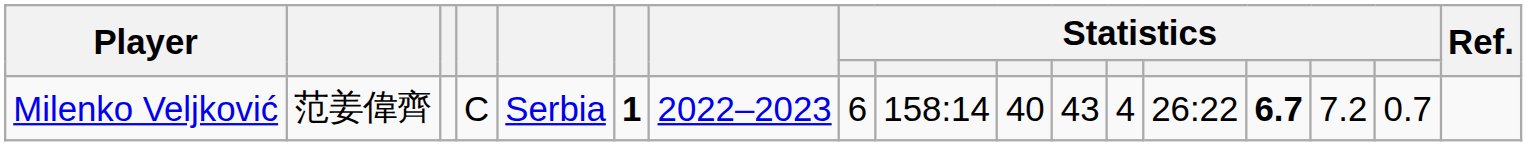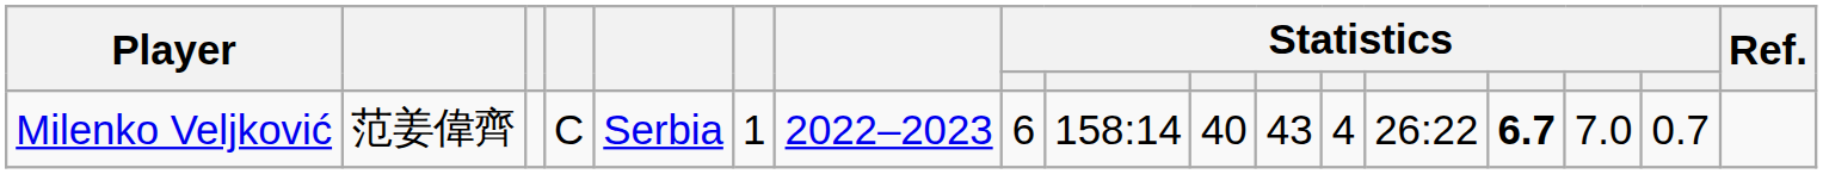 <table class="wikitable sortable" style="font-size:95%; text-align:right;">
 <tr>
 <th rowspan="2">Player</th>
 <th rowspan="2"></th>
 <th rowspan="2"></th>
 <th rowspan="2"></th>
 <th rowspan="2"></th>
 <th rowspan="2"></th>
 <th rowspan="2"></th>
 <th colspan="9">Statistics</th>
 <th rowspan="2">Ref.</th>
 </tr>
 <tr>
 <th></th>
 <th></th>
 <th></th>
 <th></th>
 <th></th>
 <th></th>
 <th></th>
 <th></th>
 <th></th>
 </tr>
 <tr>
 <td align="left"><a href='#'>Milenko Veljković</a></td>
 <td align="left">范姜偉齊</td>
 <td align="center"></td>
 <td align="center">C</td>
 <td align="left"><a href='#'>Serbia</a></td>
-<td align="center"><strong>1</strong></td>
+<td align="center">1</td>
 <td align="center"><a href='#'>2022–2023</a></td>
 <td>6</td>
 <td>158:14</td>
 <td>40</td>
 <td>43</td>
 <td>4</td>
 <td>26:22</td>
 <td><strong>6.7</strong></td>
-<td>7.2</td>
+<td>7.0</td>
 <td>0.7</td>
 <td align="center"></td>
 </tr>
 </table>
